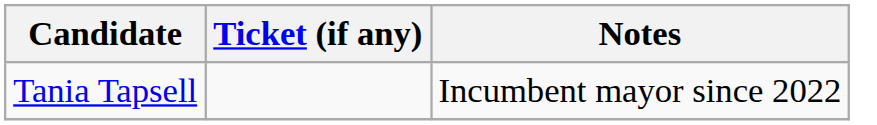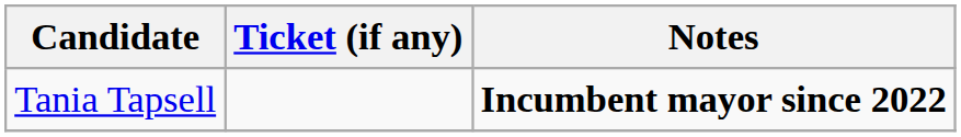 <table class="wikitable" style="font-size: 95%">
 <tr>
 <th>Candidate</th>
 <th><a href='#'>Ticket</a> (if any)</th>
 <th>Notes</th>
 </tr>
 <tr>
 <td><a href='#'>Tania Tapsell</a></td>
 <td></td>
-<td>Incumbent mayor since 2022</td>
+<td><strong>Incumbent mayor since 2022</strong></td>
 </tr>
 <tr>
 </tr>
 </table>
